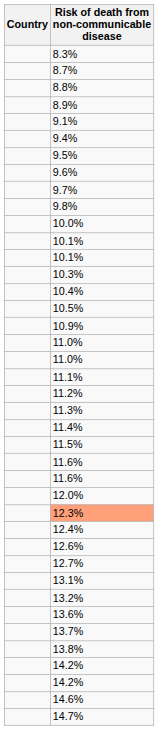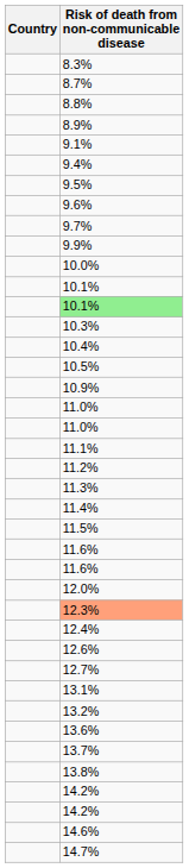 <table class="wikitable sortable static-row-numbers col2center">
 <tr>
 <th>Country</th>
 <th>Risk of death from <br> non-communicable <br> disease</th>
 </tr>
 <tr>
 <td></td>
 <td>8.3%</td>
 </tr>
 <tr>
 <td></td>
 <td>8.7%</td>
 </tr>
 <tr>
 <td></td>
 <td>8.8%</td>
 </tr>
 <tr>
 <td></td>
 <td>8.9%</td>
 </tr>
 <tr>
 <td></td>
 <td>9.1%</td>
 </tr>
 <tr>
 <td></td>
 <td>9.4%</td>
 </tr>
 <tr>
 <td></td>
 <td>9.5%</td>
 </tr>
 <tr>
 <td></td>
 <td>9.6%</td>
 </tr>
 <tr>
 <td></td>
 <td>9.7%</td>
 </tr>
 <tr>
 <td></td>
-<td>9.8%</td>
+<td>9.9%</td>
 </tr>
 <tr>
 <td></td>
 <td>10.0%</td>
 </tr>
 <tr>
 <td></td>
 <td>10.1%</td>
 </tr>
 <tr>
 <td></td>
-<td>10.1%</td>
+<td style="background: lightgreen;">10.1%</td>
 </tr>
 <tr>
 <td></td>
 <td>10.3%</td>
 </tr>
 <tr>
 <td></td>
 <td>10.4%</td>
 </tr>
 <tr>
 <td></td>
 <td>10.5%</td>
 </tr>
 <tr>
 <td></td>
 <td>10.9%</td>
 </tr>
 <tr>
 <td></td>
 <td>11.0%</td>
 </tr>
 <tr>
 <td></td>
 <td>11.0%</td>
 </tr>
 <tr>
 <td></td>
 <td>11.1%</td>
 </tr>
 <tr>
 <td></td>
 <td>11.2%</td>
 </tr>
 <tr>
 <td></td>
 <td>11.3%</td>
 </tr>
 <tr>
 <td></td>
 <td>11.4%</td>
 </tr>
 <tr>
 <td></td>
 <td>11.5%</td>
 </tr>
 <tr>
 <td></td>
 <td>11.6%</td>
 </tr>
 <tr>
 <td></td>
 <td>11.6%</td>
 </tr>
 <tr>
 <td></td>
 <td>12.0%</td>
 </tr>
 <tr>
 <td></td>
 <td style="background: lightsalmon;">12.3%</td>
 </tr>
 <tr>
 <td></td>
 <td>12.4%</td>
 </tr>
 <tr>
 <td></td>
 <td>12.6%</td>
 </tr>
 <tr>
 <td></td>
 <td>12.7%</td>
 </tr>
 <tr>
 <td></td>
 <td>13.1%</td>
 </tr>
 <tr>
 <td></td>
 <td>13.2%</td>
 </tr>
 <tr>
 <td></td>
 <td>13.6%</td>
 </tr>
 <tr>
 <td></td>
 <td>13.7%</td>
 </tr>
 <tr>
 <td></td>
 <td>13.8%</td>
 </tr>
 <tr>
 <td></td>
 <td>14.2%</td>
 </tr>
 <tr>
 <td></td>
 <td>14.2%</td>
 </tr>
 <tr>
 <td></td>
 <td>14.6%</td>
 </tr>
 <tr>
 <td></td>
 <td>14.7%</td>
 </tr>
 </table>
